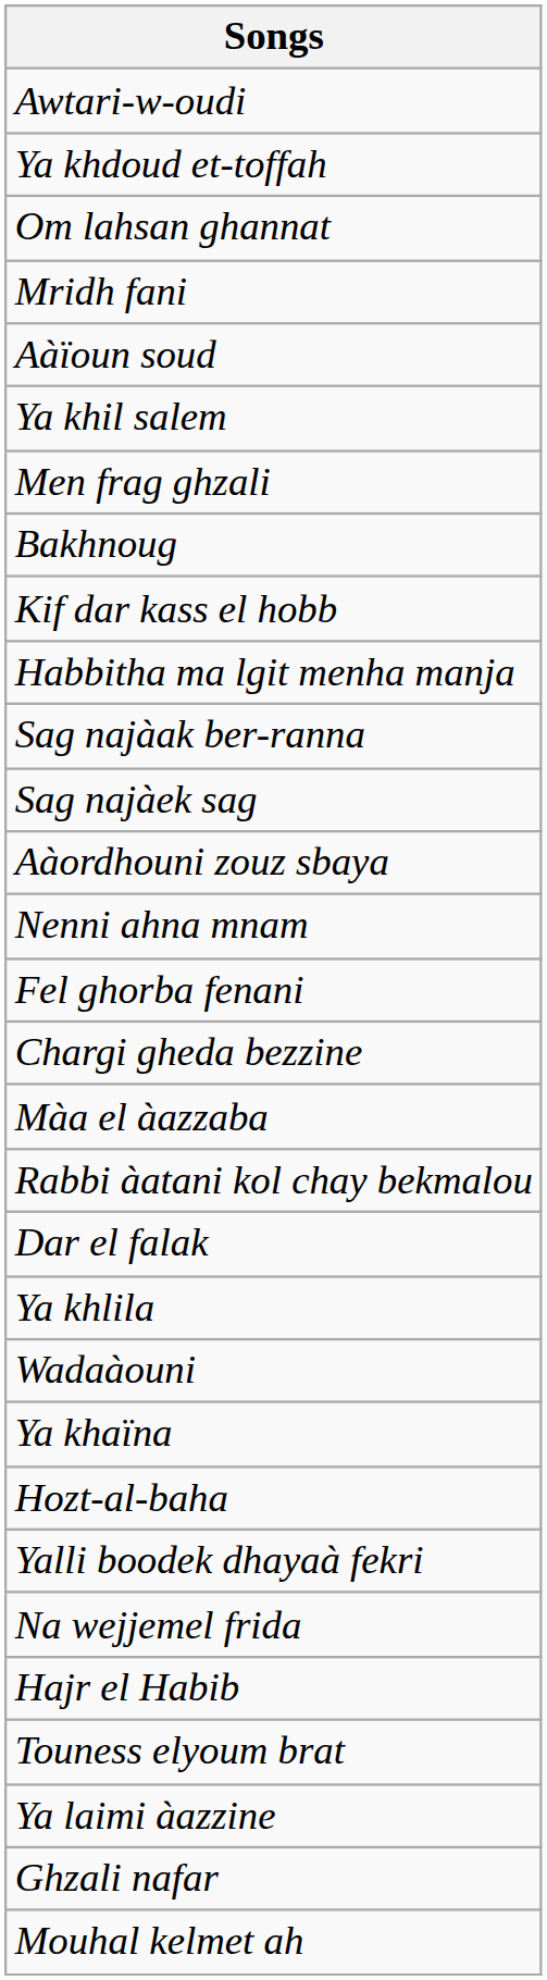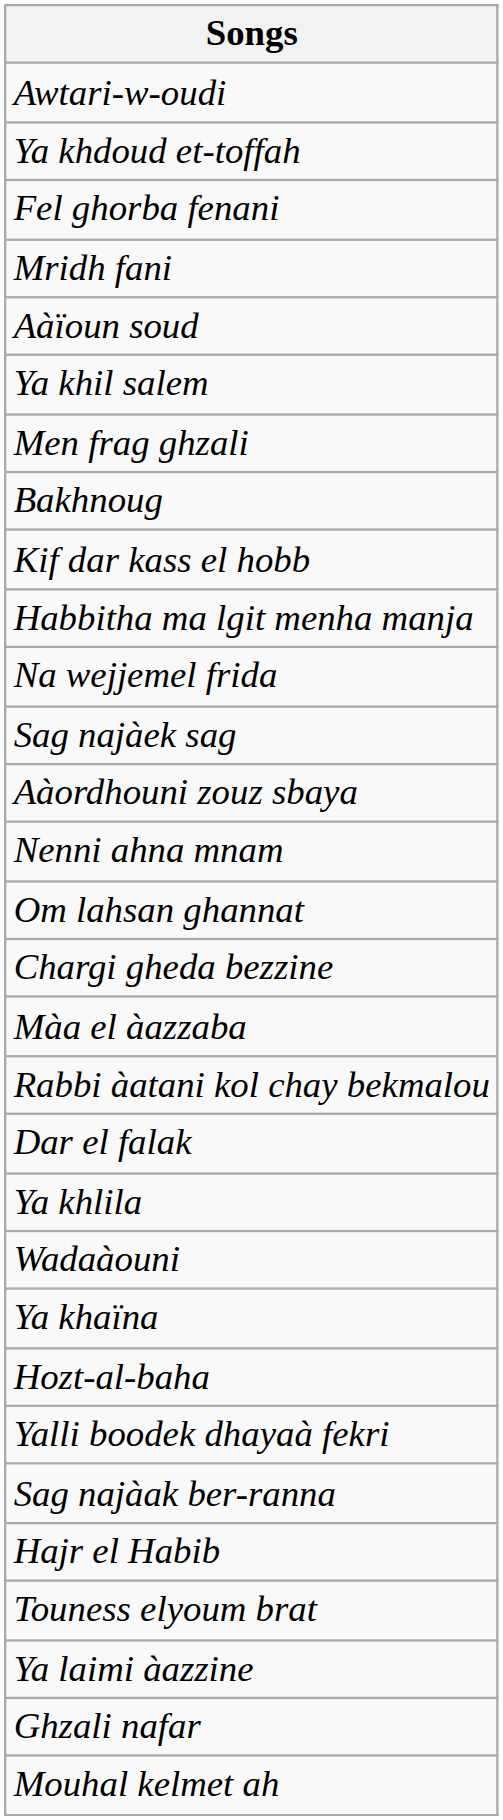 <table class="wikitable sortable">
 <tr>
 <th>Songs</th>
 </tr>
 <tr>
 <td><em>Awtari-w-oudi</em></td>
 </tr>
 <tr>
 <td><em>Ya khdoud et-toffah</em></td>
 </tr>
 <tr>
-<td><em>Om lahsan ghannat</em></td>
+<td><em>Fel ghorba fenani</em></td>
 </tr>
 <tr>
 <td><em>Mridh fani</em></td>
 </tr>
 <tr>
 <td><em>Aàïoun soud</em></td>
 </tr>
 <tr>
 <td><em>Ya khil salem</em></td>
 </tr>
 <tr>
 <td><em>Men frag ghzali</em></td>
 </tr>
 <tr>
 <td><em>Bakhnoug</em></td>
 </tr>
 <tr>
 <td><em>Kif dar kass el hobb</em></td>
 </tr>
 <tr>
 <td><em>Habbitha ma lgit menha manja</em></td>
 </tr>
 <tr>
-<td><em>Sag najàak ber-ranna</em></td>
+<td><em>Na wejjemel frida</em></td>
 </tr>
 <tr>
 <td><em>Sag najàek sag</em></td>
 </tr>
 <tr>
 <td><em>Aàordhouni zouz sbaya</em></td>
 </tr>
 <tr>
 <td><em>Nenni ahna mnam</em></td>
 </tr>
 <tr>
-<td><em>Fel ghorba fenani</em></td>
+<td><em>Om lahsan ghannat</em></td>
 </tr>
 <tr>
 <td><em>Chargi gheda bezzine</em></td>
 </tr>
 <tr>
 <td><em>Màa el àazzaba</em></td>
 </tr>
 <tr>
 <td><em>Rabbi àatani kol chay bekmalou</em></td>
 </tr>
 <tr>
 <td><em>Dar el falak</em></td>
 </tr>
 <tr>
 <td><em>Ya khlila</em></td>
 </tr>
 <tr>
 <td><em>Wadaàouni</em></td>
 </tr>
 <tr>
 <td><em>Ya khaïna</em></td>
 </tr>
 <tr>
 <td><em>Hozt-al-baha</em></td>
 </tr>
 <tr>
 <td><em>Yalli boodek dhayaà fekri</em></td>
 </tr>
 <tr>
-<td><em>Na wejjemel frida</em></td>
+<td><em>Sag najàak ber-ranna</em></td>
 </tr>
 <tr>
 <td><em>Hajr el Habib</em></td>
 </tr>
 <tr>
 <td><em>Touness elyoum brat</em></td>
 </tr>
 <tr>
 <td><em>Ya laimi àazzine</em></td>
 </tr>
 <tr>
 <td><em>Ghzali nafar</em></td>
 </tr>
 <tr>
 <td><em>Mouhal kelmet ah</em></td>
 </tr>
 <tr>
 </tr>
 </table>
